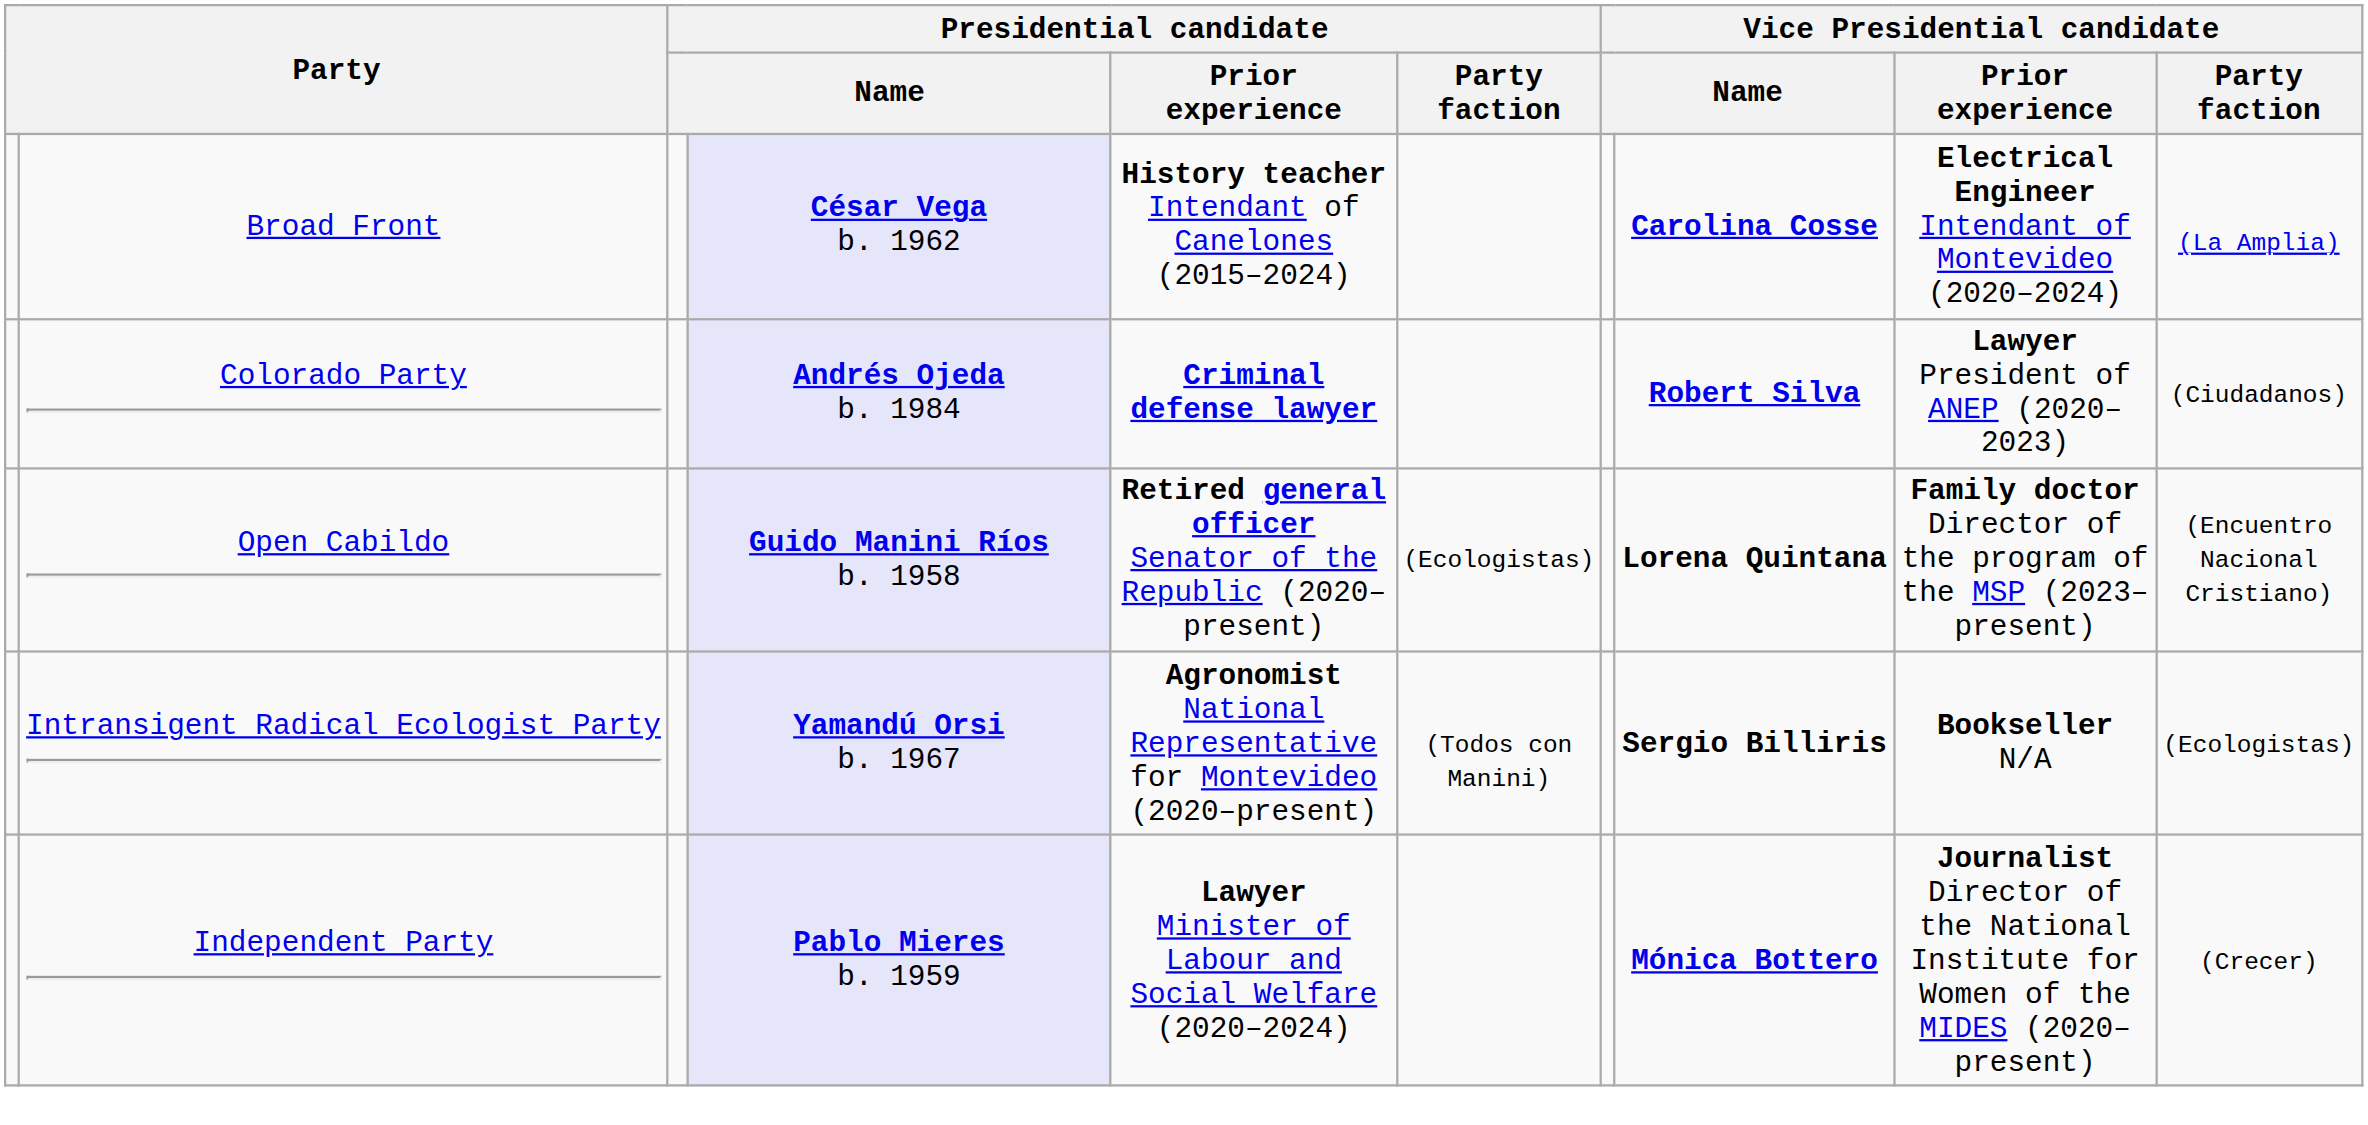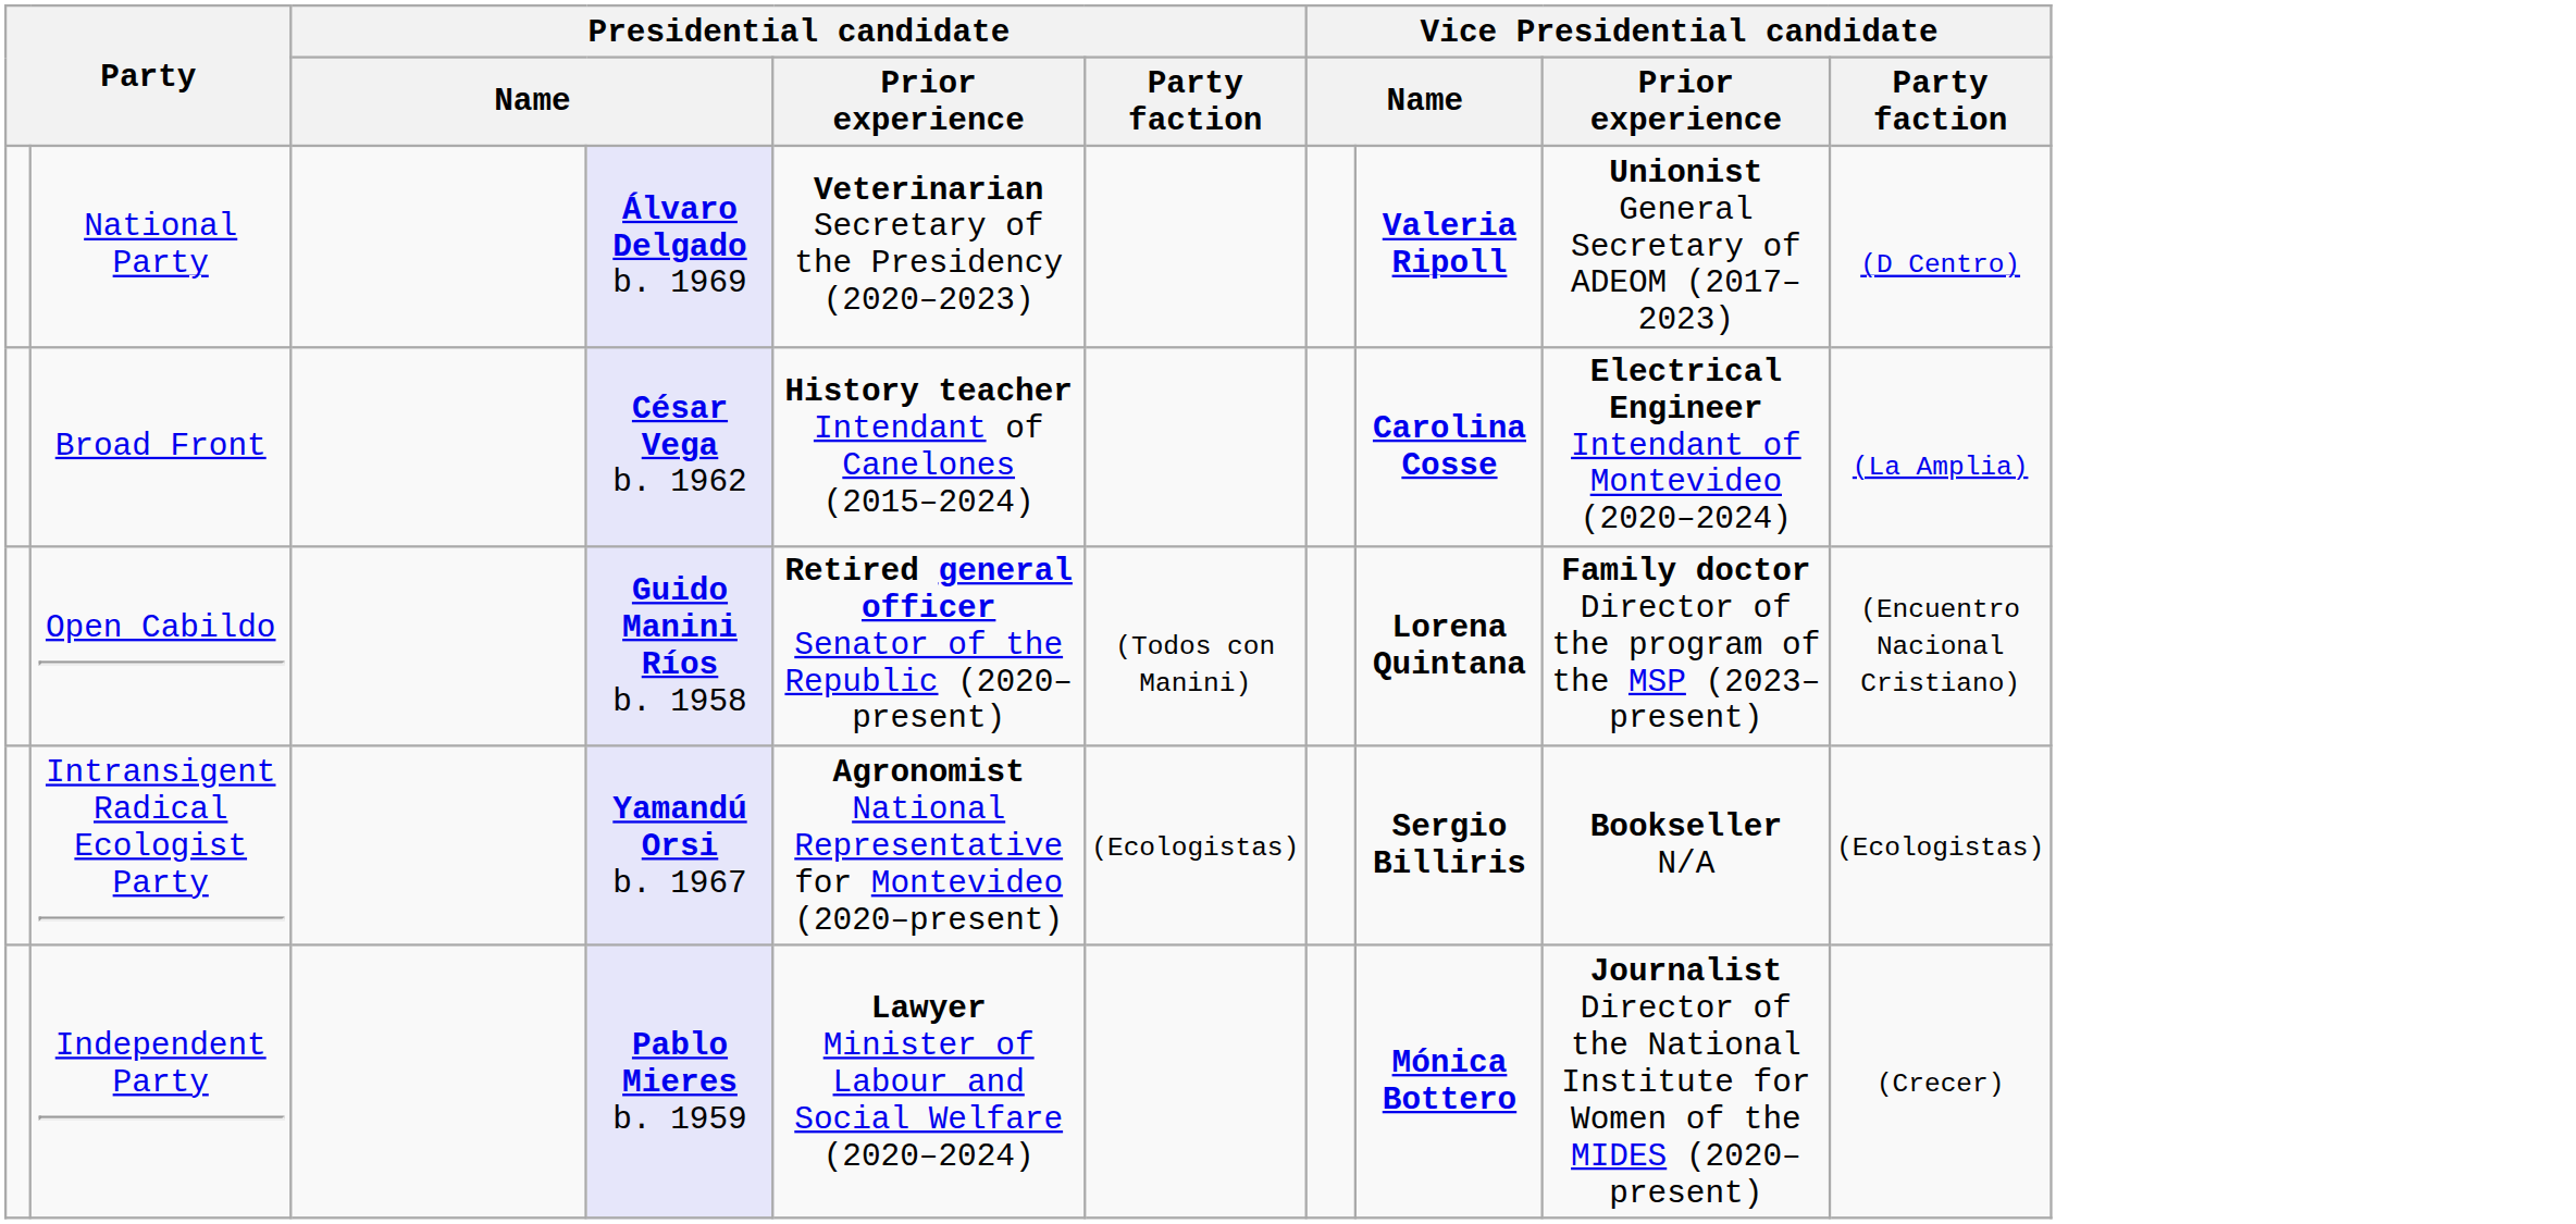 <table class="wikitable" style="text-align:center; width:795;">
 <tr>
 <th colspan="2" rowspan="2" style="width:110px;">Party</th>
 <th colspan="4" rowspan="1" style="width:310px;">Presidential candidate</th>
 <th colspan="4" rowspan="1" style="width:200px;">Vice Presidential candidate</th>
 </tr>
 <tr>
 <th colspan="2" style="width:190px;">Name<br></th>
 <th style="width:120px;">Prior experience</th>
 <th style="width:70px;">Party faction</th>
 <th colspan="2" style="width:90px;">Name</th>
 <th style="width:110px;">Prior experience</th>
 <th style="width:70px;">Party faction</th>
 </tr>
 <tr>
 <td style="background:"></td>
+<td style="width:100px;"> <a href='#'>National Party</a></td>
+<td></td>
+<td style="background:lavender; width:70px;" data-sort-value="Álvaro Delgado Ceretta"><strong><a href='#'>Álvaro Delgado</a></strong><br>b. 1969 </td>
+<td><strong>Veterinarian</strong><br>Secretary of the Presidency (2020–2023)<br></td>
+<td><br></td>
+<td></td>
+<td style="width:70px;"><strong><a href='#'>Valeria Ripoll</a></strong><br></td>
+<td><strong>Unionist</strong><br>General Secretary of ADEOM (2017–2023)</td>
+<td><br><small><a href='#'>(D Centro)</a></small></td>
+</tr>
+<tr>
+<td style="background:"></td>
 <td> <a href='#'>Broad Front</a></td>
 <td></td>
 <td style="background:lavender;" data-sort-value="César Vega (agronomist)"><strong><a href='#'>César Vega</a></strong><br>b. 1962 </td>
 <td><strong>History teacher</strong><br><a href='#'>Intendant</a> of <a href='#'>Canelones</a>  (2015–2024)<br></td>
 <td><br></td>
 <td></td>
 <td><strong><a href='#'>Carolina Cosse</a></strong></td>
 <td><strong>Electrical Engineer</strong><br><a href='#'>Intendant of Montevideo</a> (2020–2024)<br></td>
 <td><br><small><a href='#'>(La Amplia)</a></small></td>
 </tr>
 <tr>
 <td style="background:"></td>
-<td> <a href='#'>Colorado Party</a><hr></td>
-<td></td>
-<td style="background:lavender;" data-sort-value="Andrés Ojeda"><strong><a href='#'>Andrés Ojeda</a></strong><br>b. 1984 </td>
-<td><strong><a href='#'>Criminal defense lawyer</a></strong><br></td>
-<td></td>
-<td></td>
-<td><strong><a href='#'>Robert Silva</a></strong><br></td>
-<td><strong>Lawyer</strong><br>President of <a href='#'>ANEP</a> (2020–2023)<br></td>
-<td><small>(Ciudadanos)</small></td>
-</tr>
-<tr>
-<td style="background:"></td>
 <td> <a href='#'>Open Cabildo</a><hr></td>
 <td></td>
 <td style="background:lavender;" data-sort-value="Guido Manini Ríos"><strong><a href='#'>Guido Manini Ríos</a></strong><br>b. 1958 </td>
 <td><strong>Retired <a href='#'>general officer</a></strong><br><a href='#'>Senator of the Republic</a> (2020–present)<br></td>
-<td><small>(Ecologistas)</small></td>
+<td><br><small>(Todos con Manini)</small></td>
 <td></td>
 <td><strong>Lorena Quintana</strong></td>
 <td><strong>Family doctor</strong><br>Director of the  program of the <a href='#'>MSP</a> (2023–present)<br></td>
 <td><small>(Encuentro Nacional Cristiano)</small></td>
 </tr>
 <tr>
 <td style="background:"></td>
 <td> <a href='#'>Intransigent Radical Ecologist Party</a><hr></td>
 <td></td>
 <td style="background:lavender;" data-sort-value="Yamandú Orsi"><strong><a href='#'>Yamandú Orsi</a></strong><br>b. 1967 </td>
 <td><strong>Agronomist</strong><br><a href='#'>National Representative</a> for <a href='#'>Montevideo</a> (2020–present)<br></td>
-<td><br><small>(Todos con Manini)</small></td>
+<td><small>(Ecologistas)</small></td>
 <td></td>
 <td><strong>Sergio Billiris</strong><br></td>
 <td><strong>Bookseller</strong><br>N/A</td>
 <td><small>(Ecologistas)</small></td>
 </tr>
 <tr>
 <td style="background:"></td>
 <td> <a href='#'>Independent Party</a><hr></td>
 <td></td>
 <td style="background:lavender;" data-sort-value="Pablo Mieres"><strong><a href='#'>Pablo Mieres</a></strong><br>b. 1959 </td>
 <td><strong>Lawyer</strong><br><a href='#'>Minister of Labour and Social Welfare</a> (2020–2024)<br></td>
 <td><br></td>
 <td></td>
 <td><strong><a href='#'>Mónica Bottero</a></strong><br></td>
 <td><strong>Journalist</strong><br>Director of the National Institute for Women of the <a href='#'>MIDES</a> (2020–present)<br></td>
 <td><small>(Crecer)</small></td>
 </tr>
 </table>
